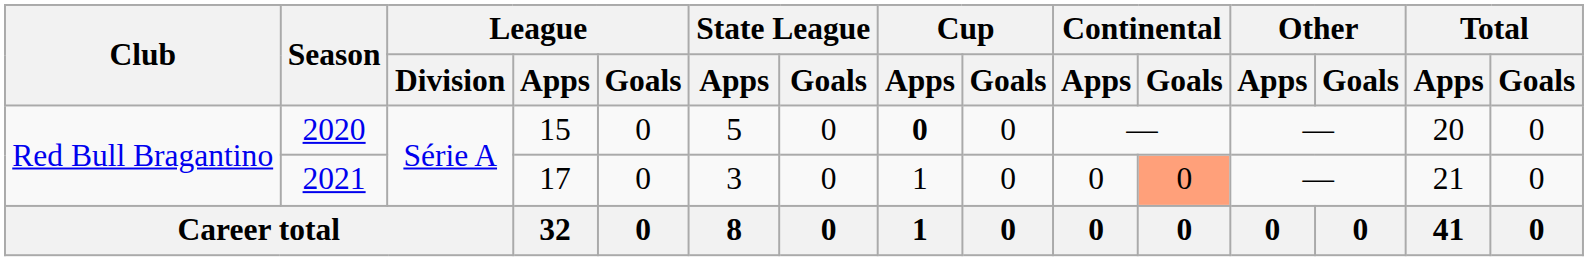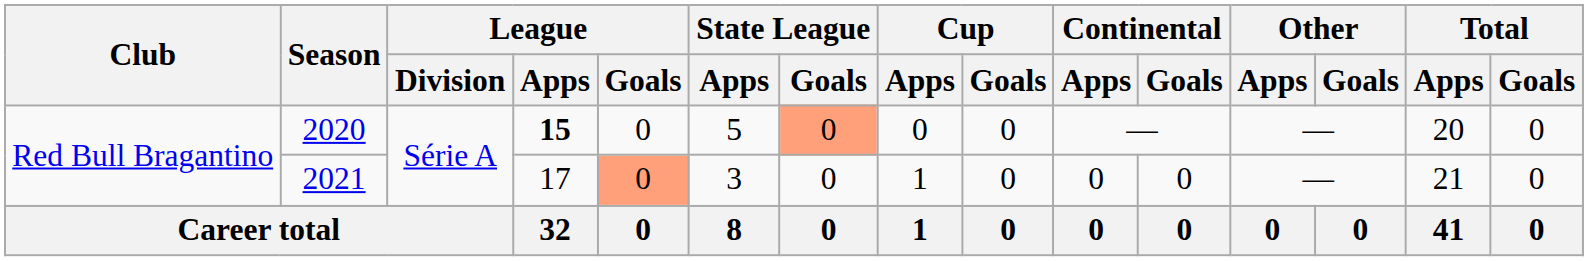 <table class="wikitable" style="text-align: center">
 <tr>
 <th rowspan="2">Club</th>
 <th rowspan="2">Season</th>
 <th colspan="3">League</th>
 <th colspan="2">State League</th>
 <th colspan="2">Cup</th>
 <th colspan="2">Continental</th>
 <th colspan="2">Other</th>
 <th colspan="2">Total</th>
 </tr>
 <tr>
 <th>Division</th>
 <th>Apps</th>
 <th>Goals</th>
 <th>Apps</th>
 <th>Goals</th>
 <th>Apps</th>
 <th>Goals</th>
 <th>Apps</th>
 <th>Goals</th>
 <th>Apps</th>
 <th>Goals</th>
 <th>Apps</th>
 <th>Goals</th>
 </tr>
 <tr>
 <td rowspan="2"><a href='#'>Red Bull Bragantino</a></td>
 <td><a href='#'>2020</a></td>
 <td rowspan="2"><a href='#'>Série A</a></td>
-<td>15</td>
+<td><strong>15</strong></td>
 <td>0</td>
 <td>5</td>
+<td style="background: lightsalmon;">0</td>
 <td>0</td>
-<td><strong>0</strong></td>
 <td>0</td>
 <td colspan="2">—</td>
 <td colspan="2">—</td>
 <td>20</td>
 <td>0</td>
 </tr>
 <tr>
 <td><a href='#'>2021</a></td>
 <td>17</td>
-<td>0</td>
+<td style="background: lightsalmon;">0</td>
 <td>3</td>
 <td>0</td>
 <td>1</td>
 <td>0</td>
 <td>0</td>
-<td style="background: lightsalmon;">0</td>
+<td>0</td>
 <td colspan="2">—</td>
 <td>21</td>
 <td>0</td>
 </tr>
 <tr>
 <th colspan="3"><strong>Career total</strong></th>
 <th>32</th>
 <th>0</th>
 <th>8</th>
 <th>0</th>
 <th>1</th>
 <th>0</th>
 <th>0</th>
 <th>0</th>
 <th>0</th>
 <th>0</th>
 <th>41</th>
 <th>0</th>
 </tr>
 </table>
